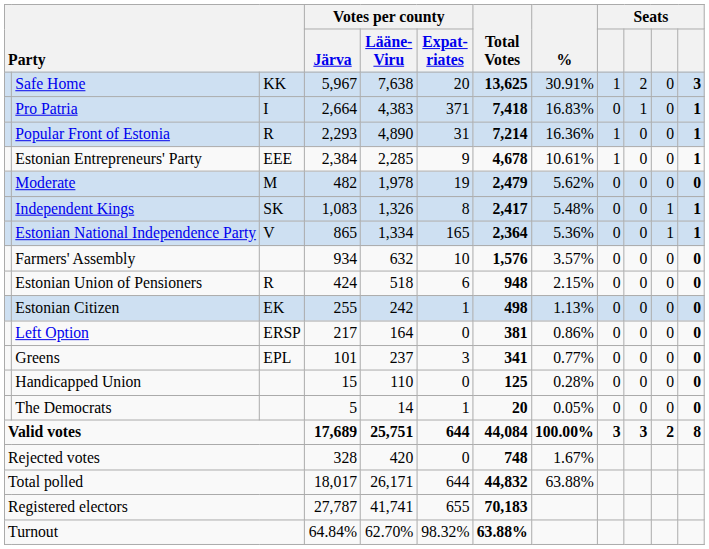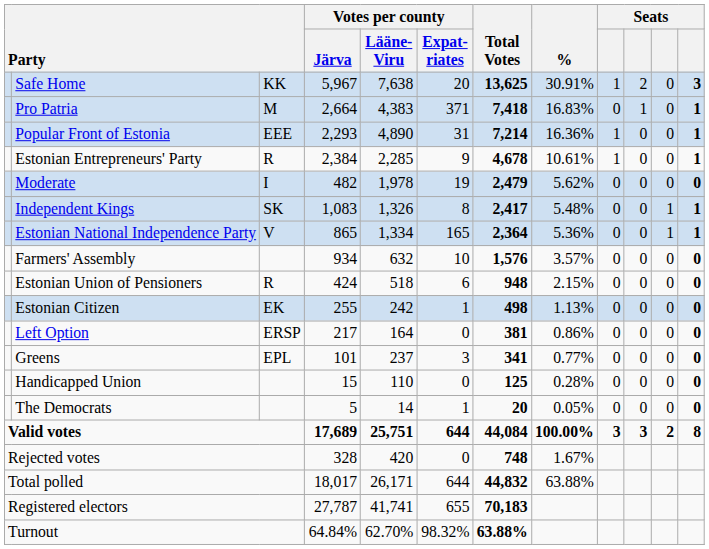 <table class="wikitable" border="1" style="text-align:right;">
 <tr>
 <th style="text-align:left;" valign=bottom rowspan=2 colspan=3>Party</th>
 <th colspan=3>Votes per county</th>
 <th align=center valign=bottom rowspan=2 width="50">Total Votes</th>
 <th align=center valign=bottom rowspan=2 width="50">%</th>
 <th colspan=4>Seats</th>
 </tr>
 <tr>
 <th align=center valign=bottom width="50"><a href='#'>Järva</a></th>
 <th align=center valign=bottom width="50"><a href='#'>Lääne- Viru</a></th>
 <th align=center valign=bottom width="50"><a href='#'>Expat- riates</a></th>
 <th align=center valign=bottom width="20"><small></small></th>
 <th align=center valign=bottom width="20"><small></small></th>
 <th align=center valign=bottom width="20"><small></small></th>
 <th align=center valign=bottom width="20"><small></small></th>
 </tr>
 <tr style="background:#CEE0F2;">
 <td style="background:"></td>
 <td align=left><a href='#'>Safe Home</a></td>
 <td align=left>KK</td>
 <td>5,967</td>
 <td>7,638</td>
 <td>20</td>
 <td><strong>13,625</strong></td>
 <td>30.91%</td>
 <td>1</td>
 <td>2</td>
 <td>0</td>
 <td><strong>3</strong></td>
 </tr>
 <tr style="background:#CEE0F2;">
 <td style="background:"></td>
 <td align=left><a href='#'>Pro Patria</a></td>
-<td align=left>I</td>
+<td align=left>M</td>
 <td>2,664</td>
 <td>4,383</td>
 <td>371</td>
 <td><strong>7,418</strong></td>
 <td>16.83%</td>
 <td>0</td>
 <td>1</td>
 <td>0</td>
 <td><strong>1</strong></td>
 </tr>
 <tr style="background:#CEE0F2;">
 <td style="background:"></td>
 <td align=left><a href='#'>Popular Front of Estonia</a></td>
-<td align=left>R</td>
+<td align=left>EEE</td>
 <td>2,293</td>
 <td>4,890</td>
 <td>31</td>
 <td><strong>7,214</strong></td>
 <td>16.36%</td>
 <td>1</td>
 <td>0</td>
 <td>0</td>
 <td><strong>1</strong></td>
 </tr>
 <tr>
 <td></td>
 <td align=left>Estonian Entrepreneurs' Party</td>
-<td align=left>EEE</td>
+<td align=left>R</td>
 <td>2,384</td>
 <td>2,285</td>
 <td>9</td>
 <td><strong>4,678</strong></td>
 <td>10.61%</td>
 <td>1</td>
 <td>0</td>
 <td>0</td>
 <td><strong>1</strong></td>
 </tr>
 <tr style="background:#CEE0F2;">
 <td style="background:"></td>
 <td align=left><a href='#'>Moderate</a></td>
-<td align=left>M</td>
+<td align=left>I</td>
 <td>482</td>
 <td>1,978</td>
 <td>19</td>
 <td><strong>2,479</strong></td>
 <td>5.62%</td>
 <td>0</td>
 <td>0</td>
 <td>0</td>
 <td><strong>0</strong></td>
 </tr>
 <tr style="background:#CEE0F2;">
 <td></td>
 <td align=left><a href='#'>Independent Kings</a></td>
 <td align=left>SK</td>
 <td>1,083</td>
 <td>1,326</td>
 <td>8</td>
 <td><strong>2,417</strong></td>
 <td>5.48%</td>
 <td>0</td>
 <td>0</td>
 <td>1</td>
 <td><strong>1</strong></td>
 </tr>
 <tr style="background:#CEE0F2;">
 <td></td>
 <td align=left><a href='#'>Estonian National Independence Party</a></td>
 <td align=left>V</td>
 <td>865</td>
 <td>1,334</td>
 <td>165</td>
 <td><strong>2,364</strong></td>
 <td>5.36%</td>
 <td>0</td>
 <td>0</td>
 <td>1</td>
 <td><strong>1</strong></td>
 </tr>
 <tr>
 <td></td>
 <td align=left>Farmers' Assembly</td>
 <td></td>
 <td>934</td>
 <td>632</td>
 <td>10</td>
 <td><strong>1,576</strong></td>
 <td>3.57%</td>
 <td>0</td>
 <td>0</td>
 <td>0</td>
 <td><strong>0</strong></td>
 </tr>
 <tr>
 <td></td>
 <td align=left>Estonian Union of Pensioners</td>
 <td align=left>R</td>
 <td>424</td>
 <td>518</td>
 <td>6</td>
 <td><strong>948</strong></td>
 <td>2.15%</td>
 <td>0</td>
 <td>0</td>
 <td>0</td>
 <td><strong>0</strong></td>
 </tr>
 <tr style="background:#CEE0F2;">
 <td></td>
 <td align=left>Estonian Citizen</td>
 <td align=left>EK</td>
 <td>255</td>
 <td>242</td>
 <td>1</td>
 <td><strong>498</strong></td>
 <td>1.13%</td>
 <td>0</td>
 <td>0</td>
 <td>0</td>
 <td><strong>0</strong></td>
 </tr>
 <tr>
 <td style="background:"></td>
 <td align=left><a href='#'>Left Option</a></td>
 <td align=left>ERSP</td>
 <td>217</td>
 <td>164</td>
 <td>0</td>
 <td><strong>381</strong></td>
 <td>0.86%</td>
 <td>0</td>
 <td>0</td>
 <td>0</td>
 <td><strong>0</strong></td>
 </tr>
 <tr>
 <td></td>
 <td align=left>Greens</td>
 <td align=left>EPL</td>
 <td>101</td>
 <td>237</td>
 <td>3</td>
 <td><strong>341</strong></td>
 <td>0.77%</td>
 <td>0</td>
 <td>0</td>
 <td>0</td>
 <td><strong>0</strong></td>
 </tr>
 <tr>
 <td></td>
 <td align=left>Handicapped Union</td>
 <td></td>
 <td>15</td>
 <td>110</td>
 <td>0</td>
 <td><strong>125</strong></td>
 <td>0.28%</td>
 <td>0</td>
 <td>0</td>
 <td>0</td>
 <td><strong>0</strong></td>
 </tr>
 <tr>
 <td></td>
 <td align=left>The Democrats</td>
 <td></td>
 <td>5</td>
 <td>14</td>
 <td>1</td>
 <td><strong>20</strong></td>
 <td>0.05%</td>
 <td>0</td>
 <td>0</td>
 <td>0</td>
 <td><strong>0</strong></td>
 </tr>
 <tr style="font-weight:bold">
 <td align=left colspan=3>Valid votes</td>
 <td>17,689</td>
 <td>25,751</td>
 <td>644</td>
 <td>44,084</td>
 <td>100.00%</td>
 <td>3</td>
 <td>3</td>
 <td>2</td>
 <td>8</td>
 </tr>
 <tr>
 <td align=left colspan=3>Rejected votes</td>
 <td>328</td>
 <td>420</td>
 <td>0</td>
 <td><strong>748</strong></td>
 <td>1.67%</td>
 <td></td>
 <td></td>
 <td></td>
 <td></td>
 </tr>
 <tr>
 <td align=left colspan=3>Total polled</td>
 <td>18,017</td>
 <td>26,171</td>
 <td>644</td>
 <td><strong>44,832</strong></td>
 <td>63.88%</td>
 <td></td>
 <td></td>
 <td></td>
 <td></td>
 </tr>
 <tr>
 <td align=left colspan=3>Registered electors</td>
 <td>27,787</td>
 <td>41,741</td>
 <td>655</td>
 <td><strong>70,183</strong></td>
 <td></td>
 <td></td>
 <td></td>
 <td></td>
 <td></td>
 </tr>
 <tr>
 <td align=left colspan=3>Turnout</td>
 <td>64.84%</td>
 <td>62.70%</td>
 <td>98.32%</td>
 <td><strong>63.88%</strong></td>
 <td></td>
 <td></td>
 <td></td>
 <td></td>
 <td></td>
 </tr>
 </table>
